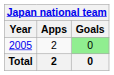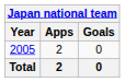 <table class="wikitable" style="text-align:center">
 <tr>
 <th colspan=3><a href='#'>Japan national team</a></th>
 </tr>
 <tr>
 <th>Year</th>
 <th>Apps</th>
 <th>Goals</th>
 </tr>
 <tr>
 <td><a href='#'>2005</a></td>
 <td>2</td>
-<td style="background: lightgreen;">0</td>
+<td>0</td>
 </tr>
 <tr>
 <th>Total</th>
 <th>2</th>
 <th>0</th>
 </tr>
 </table>
